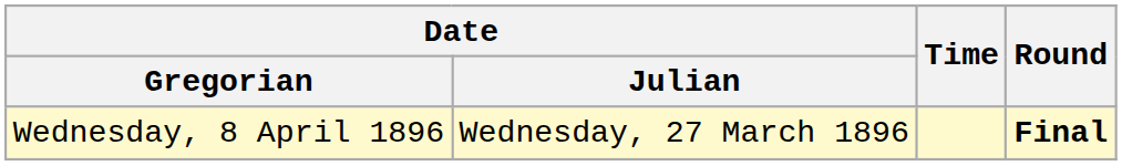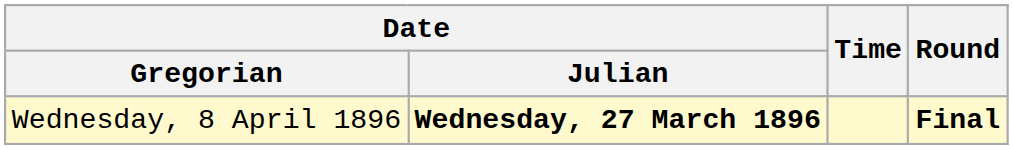 <table class="wikitable">
 <tr>
 <th colspan=2>Date</th>
 <th rowspan=2>Time</th>
 <th rowspan=2>Round</th>
 </tr>
 <tr>
 <th>Gregorian</th>
 <th>Julian</th>
 </tr>
 <tr style=background:lemonchiffon>
 <td>Wednesday, 8 April 1896</td>
-<td>Wednesday, 27 March 1896</td>
+<td><strong>Wednesday, 27 March 1896</strong></td>
 <td></td>
 <td><strong>Final</strong></td>
 </tr>
 </table>
